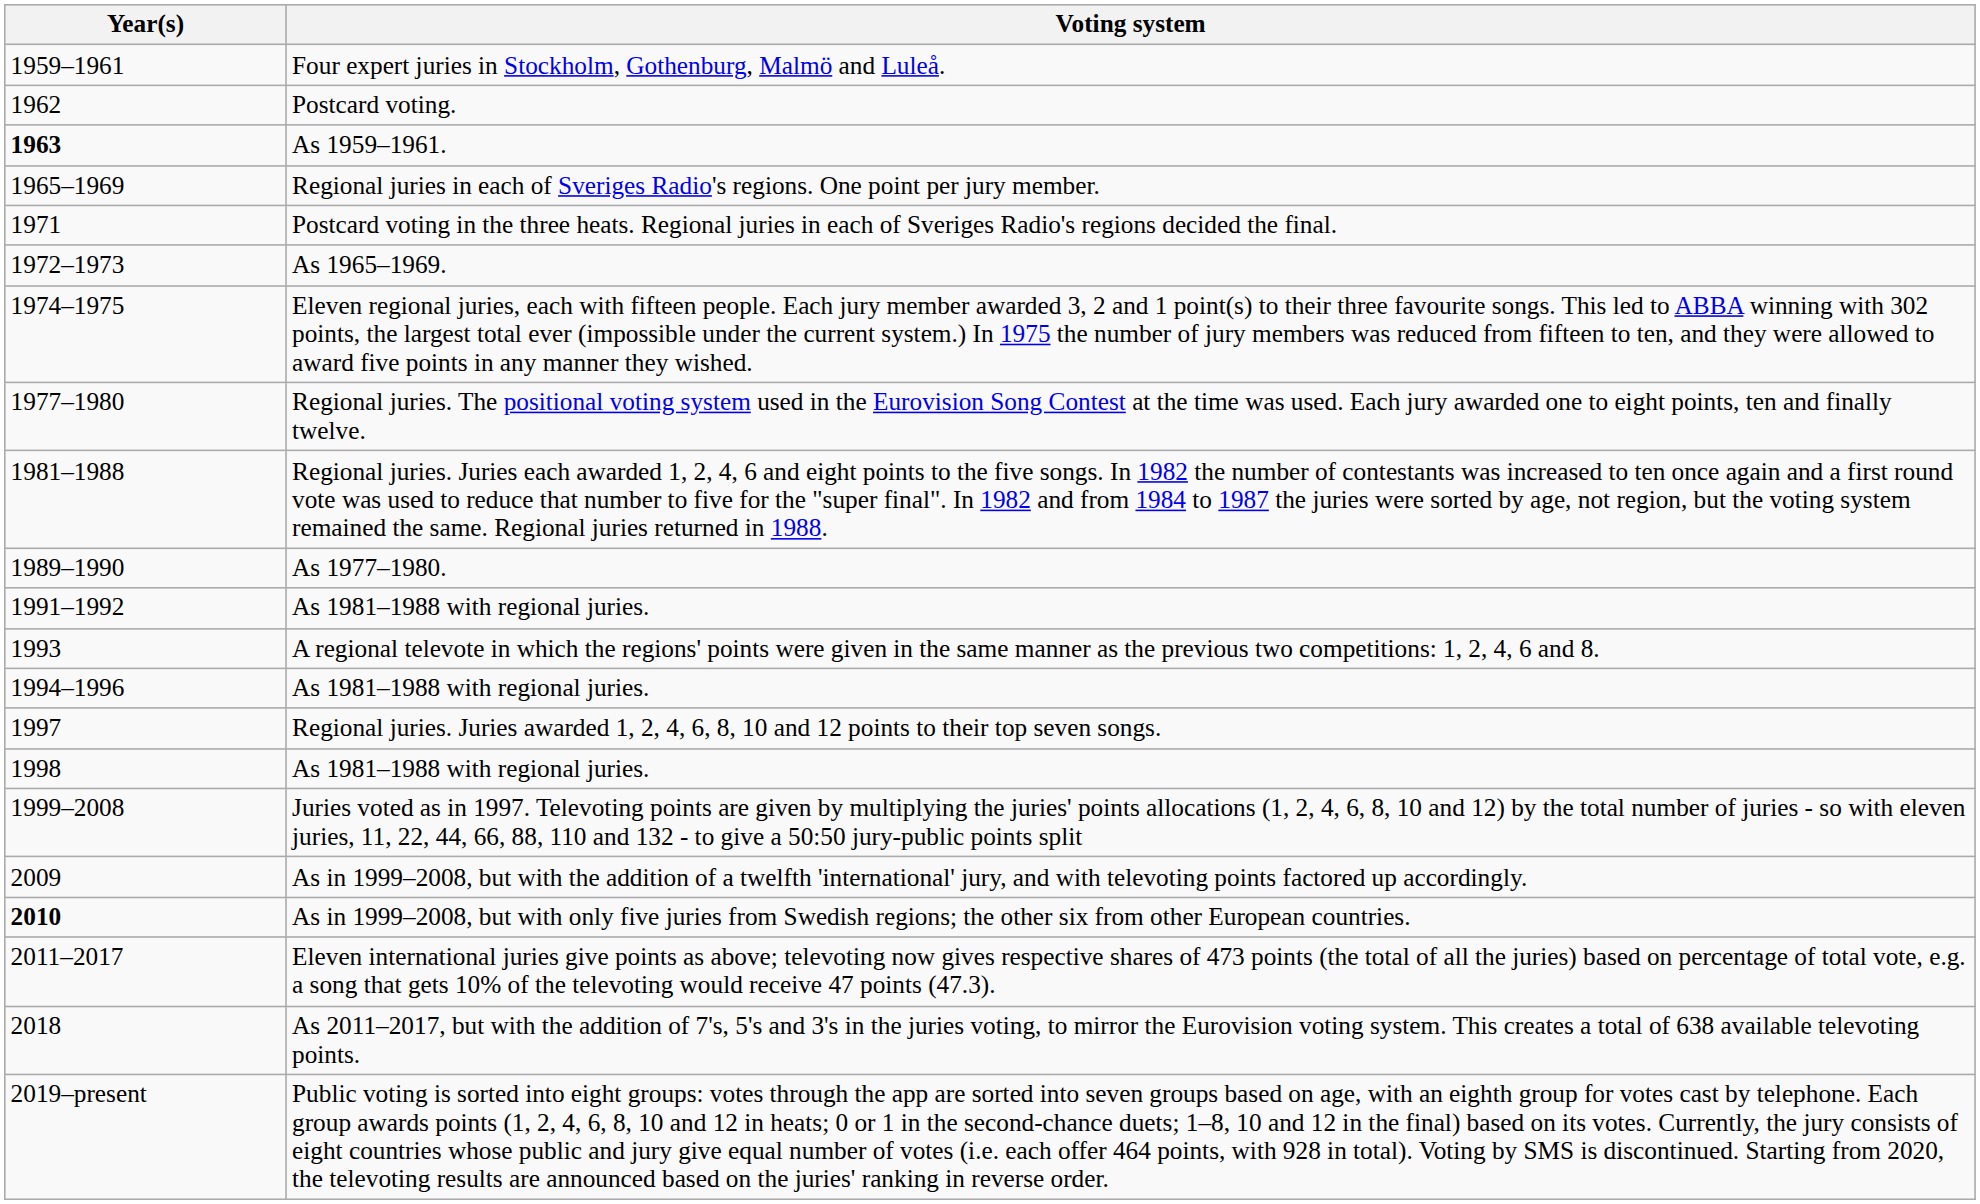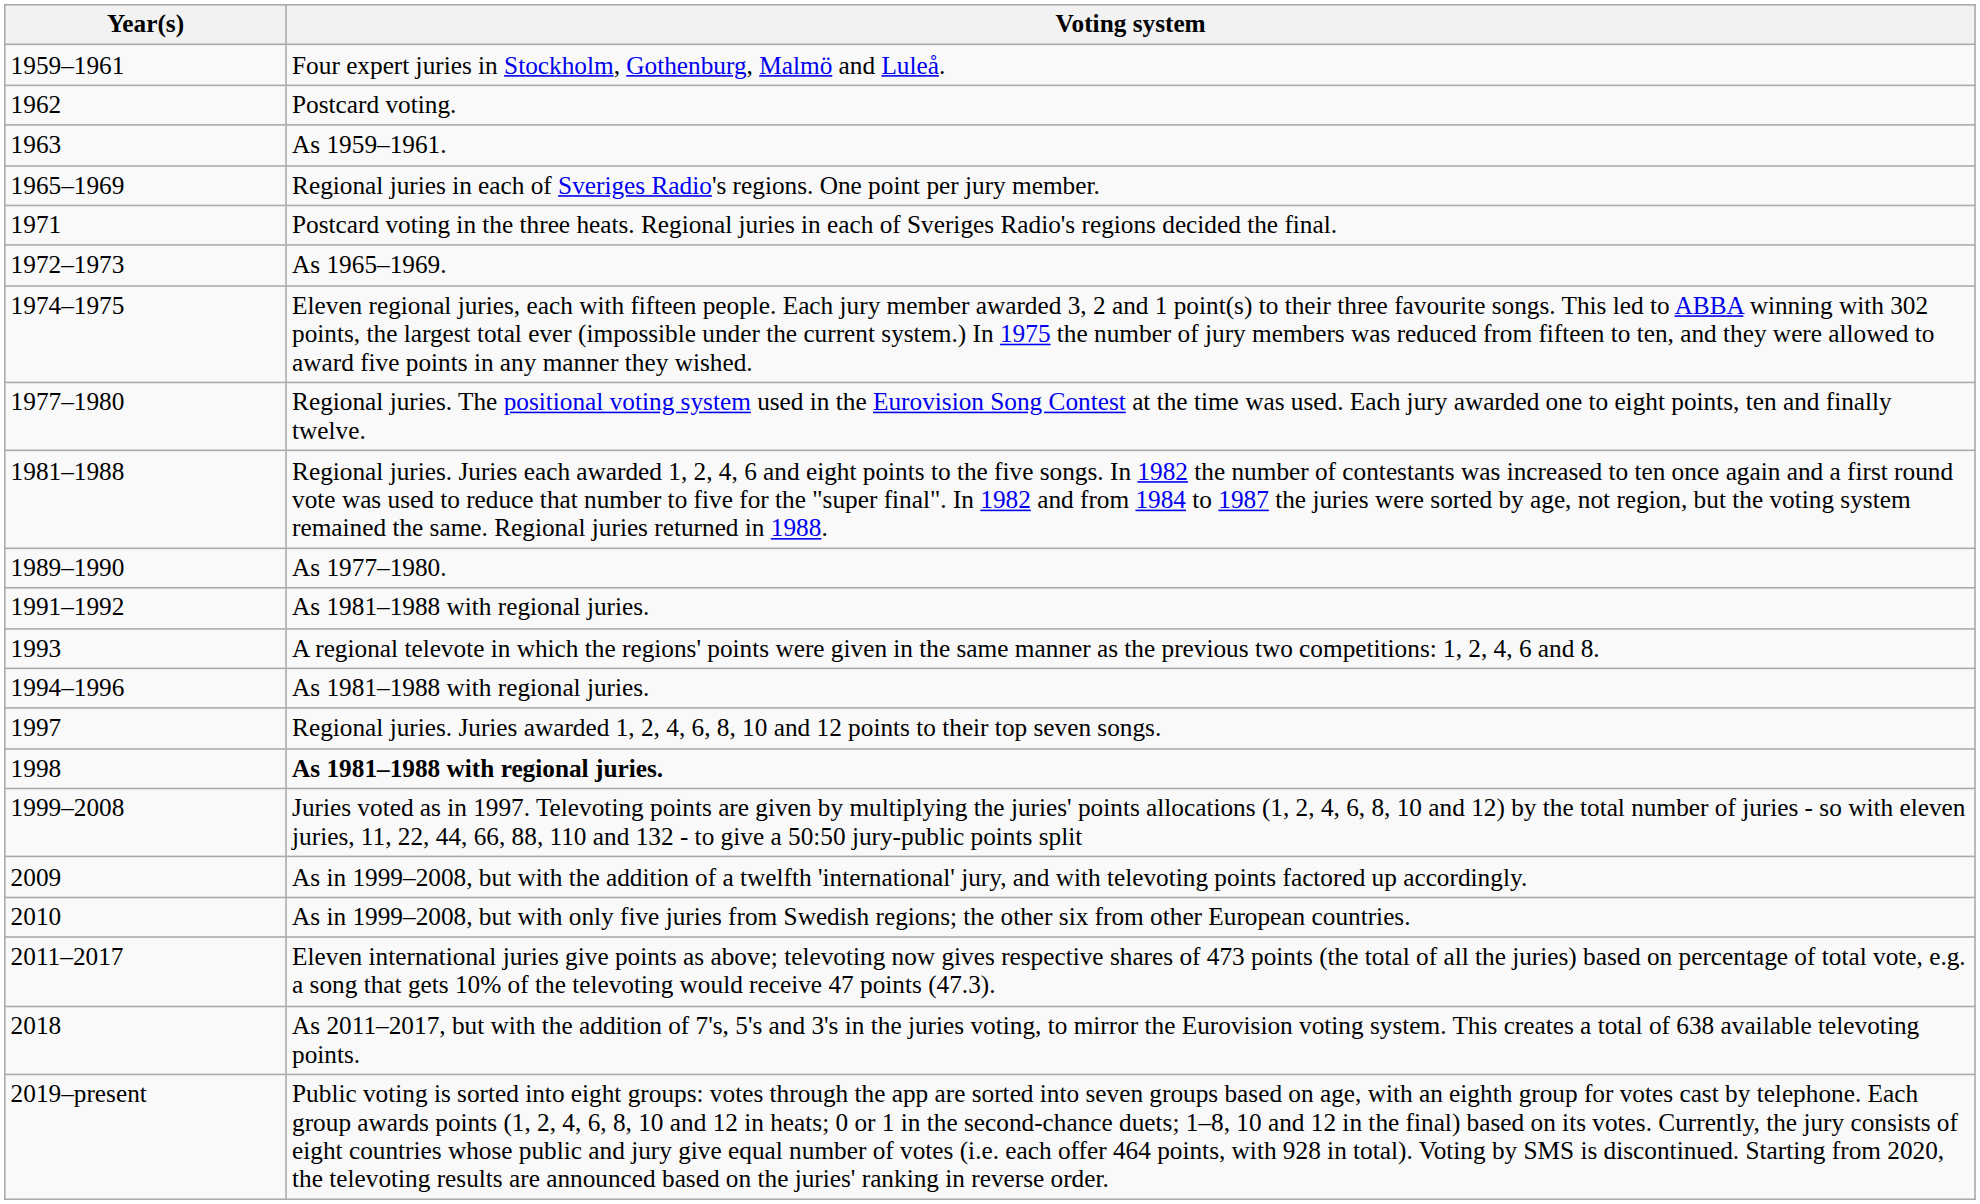 <table class="wikitable">
 <tr>
 <th>Year(s)</th>
 <th>Voting system</th>
 </tr>
 <tr valign="top">
 <td width="10%">1959–1961</td>
 <td width="60%">Four expert juries in <a href='#'>Stockholm</a>, <a href='#'>Gothenburg</a>, <a href='#'>Malmö</a> and <a href='#'>Luleå</a>.</td>
 </tr>
 <tr valign="top">
 <td>1962</td>
 <td>Postcard voting.</td>
 </tr>
 <tr valign="top">
-<td><strong>1963</strong></td>
+<td>1963</td>
 <td>As 1959–1961.</td>
 </tr>
 <tr valign="top">
 <td>1965–1969</td>
 <td>Regional juries in each of <a href='#'>Sveriges Radio</a>'s regions. One point per jury member.</td>
 </tr>
 <tr valign="top">
 <td>1971</td>
 <td>Postcard voting in the three heats. Regional juries in each of Sveriges Radio's regions decided the final.</td>
 </tr>
 <tr valign="top">
 <td>1972–1973</td>
 <td>As 1965–1969.</td>
 </tr>
 <tr valign="top">
 <td>1974–1975</td>
 <td>Eleven regional juries, each with fifteen people. Each jury member awarded 3, 2 and 1 point(s) to their three favourite songs. This led to <a href='#'>ABBA</a> winning with 302 points, the largest total ever (impossible under the current system.) In <a href='#'>1975</a> the number of jury members was reduced from fifteen to ten, and they were allowed to award five points in any manner they wished.</td>
 </tr>
 <tr valign="top">
 <td>1977–1980</td>
 <td>Regional juries. The <a href='#'>positional voting system</a> used in the <a href='#'>Eurovision Song Contest</a> at the time was used. Each jury awarded one to eight points, ten and finally twelve.</td>
 </tr>
 <tr valign="top">
 <td>1981–1988</td>
 <td>Regional juries. Juries each awarded 1, 2, 4, 6 and eight points to the five songs. In <a href='#'>1982</a> the number of contestants was increased to ten once again and a first round vote was used to reduce that number to five for the "super final". In <a href='#'>1982</a> and from <a href='#'>1984</a> to <a href='#'>1987</a> the juries were sorted by age, not region, but the voting system remained the same. Regional juries returned in <a href='#'>1988</a>.</td>
 </tr>
 <tr valign="top">
 <td>1989–1990</td>
 <td>As 1977–1980.</td>
 </tr>
 <tr valign="top">
 <td>1991–1992</td>
 <td>As 1981–1988 with regional juries.</td>
 </tr>
 <tr valign="top">
 <td>1993</td>
 <td>A regional televote in which the regions' points were given in the same manner as the previous two competitions: 1, 2, 4, 6 and 8.</td>
 </tr>
 <tr valign="top">
 <td>1994–1996</td>
 <td>As 1981–1988 with regional juries.</td>
 </tr>
 <tr valign="top">
 <td>1997</td>
 <td>Regional juries. Juries awarded 1, 2, 4, 6, 8, 10 and 12 points to their top seven songs.</td>
 </tr>
 <tr valign="top">
 <td>1998</td>
-<td>As 1981–1988 with regional juries.</td>
+<td><strong>As 1981–1988 with regional juries.</strong></td>
 </tr>
 <tr valign="top">
 <td>1999–2008</td>
 <td>Juries voted as in 1997. Televoting points are given by multiplying the juries' points allocations (1, 2, 4, 6, 8, 10 and 12) by the total number of juries - so with eleven juries, 11, 22, 44, 66, 88, 110 and 132 - to give a 50:50 jury-public points split</td>
 </tr>
 <tr valign="top">
 <td>2009</td>
 <td>As in 1999–2008, but with the addition of a twelfth 'international' jury, and with televoting points factored up accordingly.</td>
 </tr>
 <tr valign="top">
-<td><strong>2010</strong></td>
+<td>2010</td>
 <td>As in 1999–2008, but with only five juries from Swedish regions; the other six from other European countries.</td>
 </tr>
 <tr valign="top">
 <td>2011–2017</td>
 <td>Eleven international juries give points as above; televoting now gives respective shares of 473 points (the total of all the juries) based on percentage of total vote, e.g. a song that gets 10% of the televoting would receive 47 points (47.3).</td>
 </tr>
 <tr valign="top">
 <td>2018</td>
 <td>As 2011–2017, but with the addition of 7's, 5's and 3's in the juries voting, to mirror the Eurovision voting system. This creates a total of 638 available televoting points.</td>
 </tr>
 <tr valign="top">
 <td>2019–present</td>
 <td>Public voting is sorted into eight groups: votes through the app are sorted into seven groups based on age, with an eighth group for votes cast by telephone. Each group awards points (1, 2, 4, 6, 8, 10 and 12 in heats; 0 or 1 in the second-chance duets; 1–8, 10 and 12 in the final) based on its votes. Currently, the jury consists of eight countries whose public and jury give equal number of votes (i.e. each offer 464 points, with 928 in total). Voting by SMS is discontinued. Starting from 2020, the televoting results are announced based on the juries' ranking in reverse order.</td>
 </tr>
 </table>
